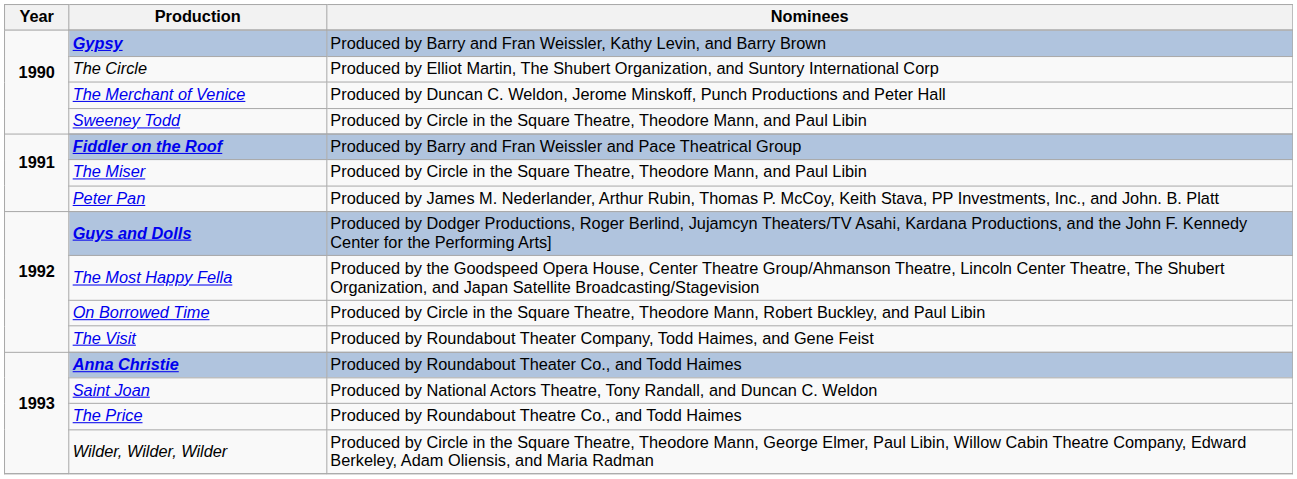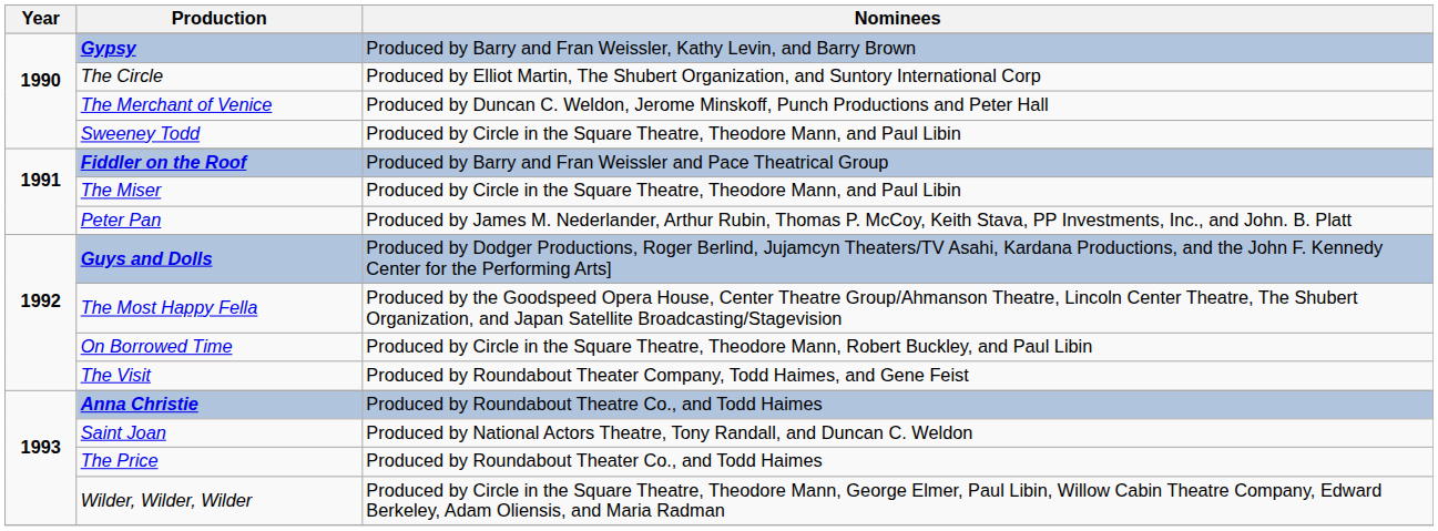 <table class="wikitable" style="width:100%;">
 <tr style="background:#bebebe;">
 <th style="width:5%;">Year</th>
 <th style="width:20%;">Production</th>
 <th style="width:75%;">Nominees</th>
 </tr>
 <tr>
 <td rowspan="5" align="center"><strong>1990</strong><br><br></td>
 </tr>
 <tr style="background:#B0C4DE">
 <td><strong><em><a href='#'>Gypsy</a></em></strong></td>
 <td>Produced by Barry and Fran Weissler, Kathy Levin, and Barry Brown</td>
 </tr>
 <tr>
 <td><em>The Circle</em></td>
 <td>Produced by Elliot Martin, The Shubert Organization, and Suntory International Corp</td>
 </tr>
 <tr>
 <td><em><a href='#'>The Merchant of Venice</a></em></td>
 <td>Produced by Duncan C. Weldon, Jerome Minskoff, Punch Productions and Peter Hall</td>
 </tr>
 <tr>
 <td><em><a href='#'>Sweeney Todd</a></em></td>
 <td>Produced by Circle in the Square Theatre, Theodore Mann, and Paul Libin</td>
 </tr>
 <tr>
 <td rowspan="4" align="center"><strong>1991</strong><br><br></td>
 </tr>
 <tr style="background:#B0C4DE">
 <td><strong><em><a href='#'>Fiddler on the Roof</a></em></strong></td>
 <td>Produced by Barry and Fran Weissler and Pace Theatrical Group</td>
 </tr>
 <tr>
 <td><em><a href='#'>The Miser</a></em></td>
 <td>Produced by Circle in the Square Theatre, Theodore Mann, and Paul Libin</td>
 </tr>
 <tr>
 <td><em><a href='#'>Peter Pan</a></em></td>
 <td>Produced by James M. Nederlander, Arthur Rubin, Thomas P. McCoy, Keith Stava, PP Investments, Inc., and John. B. Platt</td>
 </tr>
 <tr>
 <td rowspan="5" align="center"><strong>1992</strong><br><br></td>
 </tr>
 <tr style="background:#B0C4DE">
 <td><strong><em><a href='#'>Guys and Dolls</a></em></strong></td>
 <td>Produced by Dodger Productions, Roger Berlind, Jujamcyn Theaters/TV Asahi, Kardana Productions, and the John F. Kennedy Center for the Performing Arts]</td>
 </tr>
 <tr>
 <td><em><a href='#'>The Most Happy Fella</a></em></td>
 <td>Produced by the Goodspeed Opera House, Center Theatre Group/Ahmanson Theatre, Lincoln Center Theatre, The Shubert Organization, and Japan Satellite Broadcasting/Stagevision</td>
 </tr>
 <tr>
 <td><em><a href='#'>On Borrowed Time</a></em></td>
 <td>Produced by Circle in the Square Theatre, Theodore Mann, Robert Buckley, and Paul Libin</td>
 </tr>
 <tr>
 <td><em><a href='#'>The Visit</a></em></td>
 <td>Produced by Roundabout Theater Company, Todd Haimes, and Gene Feist</td>
 </tr>
 <tr>
 <td rowspan="5" align="center"><strong>1993</strong><br><br></td>
 </tr>
 <tr style="background:#B0C4DE">
 <td><strong><em><a href='#'>Anna Christie</a></em></strong></td>
-<td>Produced by Roundabout Theater Co., and Todd Haimes</td>
+<td>Produced by Roundabout Theatre Co., and Todd Haimes</td>
 </tr>
 <tr>
 <td><em><a href='#'>Saint Joan</a></em></td>
 <td>Produced by National Actors Theatre, Tony Randall, and Duncan C. Weldon</td>
 </tr>
 <tr>
 <td><em><a href='#'>The Price</a></em></td>
-<td>Produced by Roundabout Theatre Co., and Todd Haimes</td>
+<td>Produced by Roundabout Theater Co., and Todd Haimes</td>
 </tr>
 <tr>
 <td><em>Wilder, Wilder, Wilder</em></td>
 <td>Produced by Circle in the Square Theatre, Theodore Mann, George Elmer, Paul Libin, Willow Cabin Theatre Company, Edward Berkeley, Adam Oliensis, and Maria Radman</td>
 </tr>
 <tr>
 </tr>
 </table>
